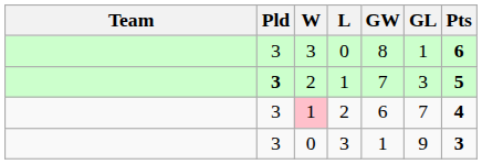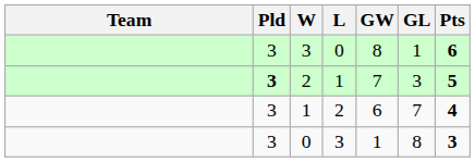 <table class="wikitable" style="text-align:center">
 <tr>
 <th width=200>Team</th>
 <th width=20>Pld</th>
 <th width=20>W</th>
 <th width=20>L</th>
 <th width=20>GW</th>
 <th width=20>GL</th>
 <th width=20>Pts</th>
 </tr>
 <tr bgcolor=ccffcc>
 <td style="text-align:left;"></td>
 <td>3</td>
 <td>3</td>
 <td>0</td>
 <td>8</td>
 <td>1</td>
 <td><strong>6</strong></td>
 </tr>
 <tr bgcolor=ccffcc>
 <td style="text-align:left;"></td>
 <td><strong>3</strong></td>
 <td>2</td>
 <td>1</td>
 <td>7</td>
 <td>3</td>
 <td><strong>5</strong></td>
 </tr>
 <tr>
 <td style="text-align:left;"></td>
 <td>3</td>
-<td style="background: pink;">1</td>
+<td>1</td>
 <td>2</td>
 <td>6</td>
 <td>7</td>
 <td><strong>4</strong></td>
 </tr>
 <tr>
 <td style="text-align:left;"></td>
 <td>3</td>
 <td>0</td>
 <td>3</td>
 <td>1</td>
-<td>9</td>
+<td>8</td>
 <td><strong>3</strong></td>
 </tr>
 </table>
